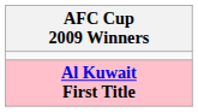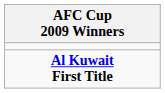 <table class="wikitable" style="text-align: center; margin: 0 auto; width: 20%">
 <tr>
 <th>AFC Cup <br>2009 Winners</th>
 </tr>
 <tr>
 <td></td>
 </tr>
 <tr>
-<td style="background: pink;"><strong><a href='#'>Al Kuwait</a></strong><br><strong>First Title</strong></td>
+<td><strong><a href='#'>Al Kuwait</a></strong><br><strong>First Title</strong></td>
 </tr>
 </table>
